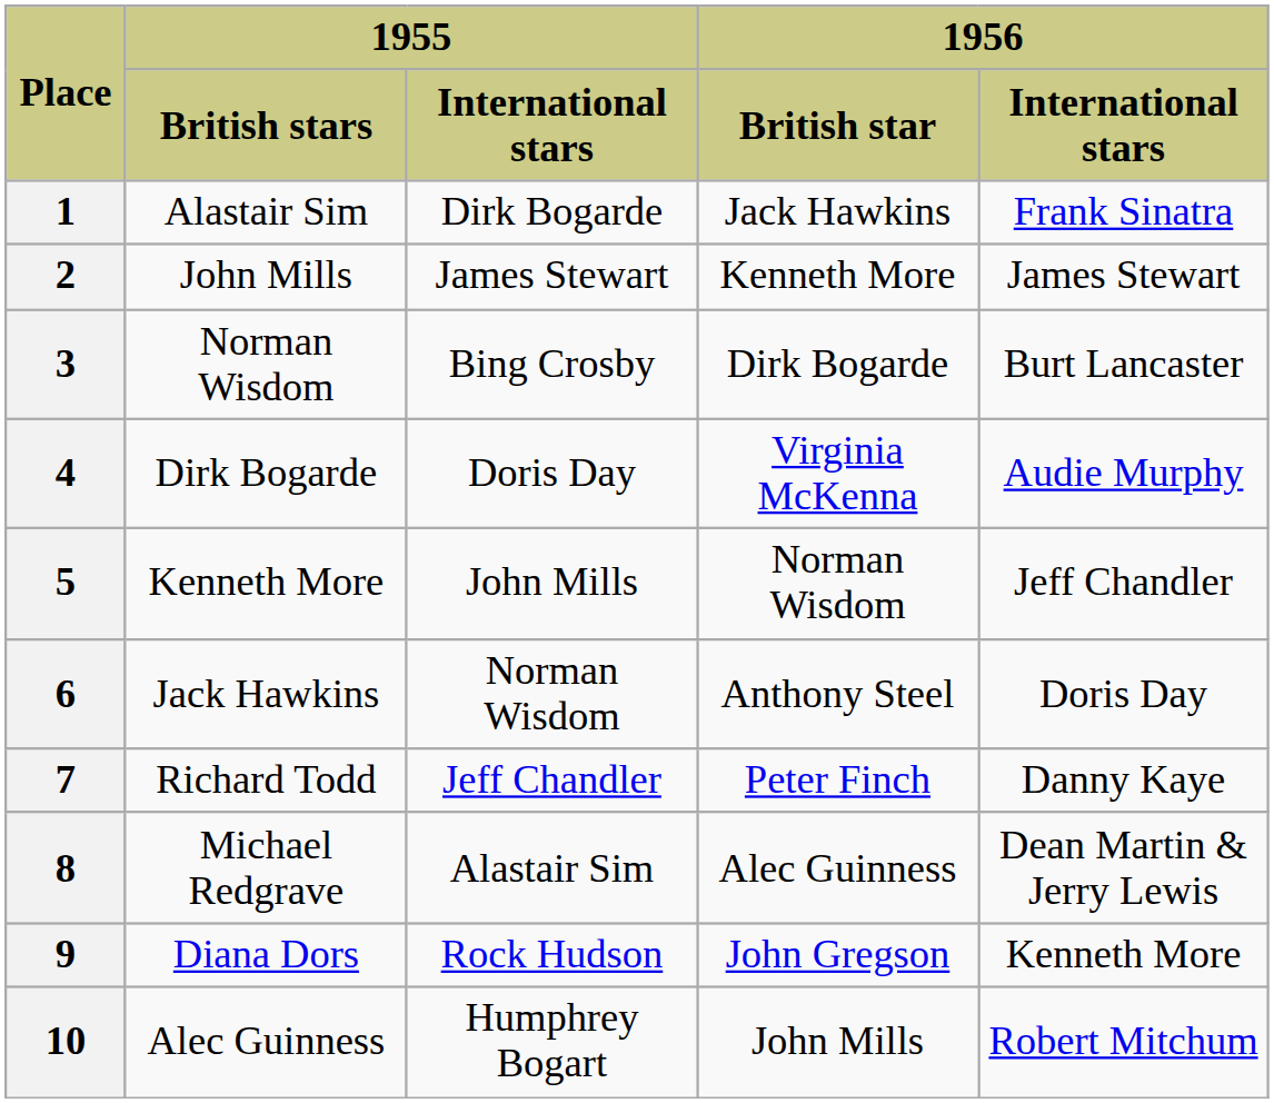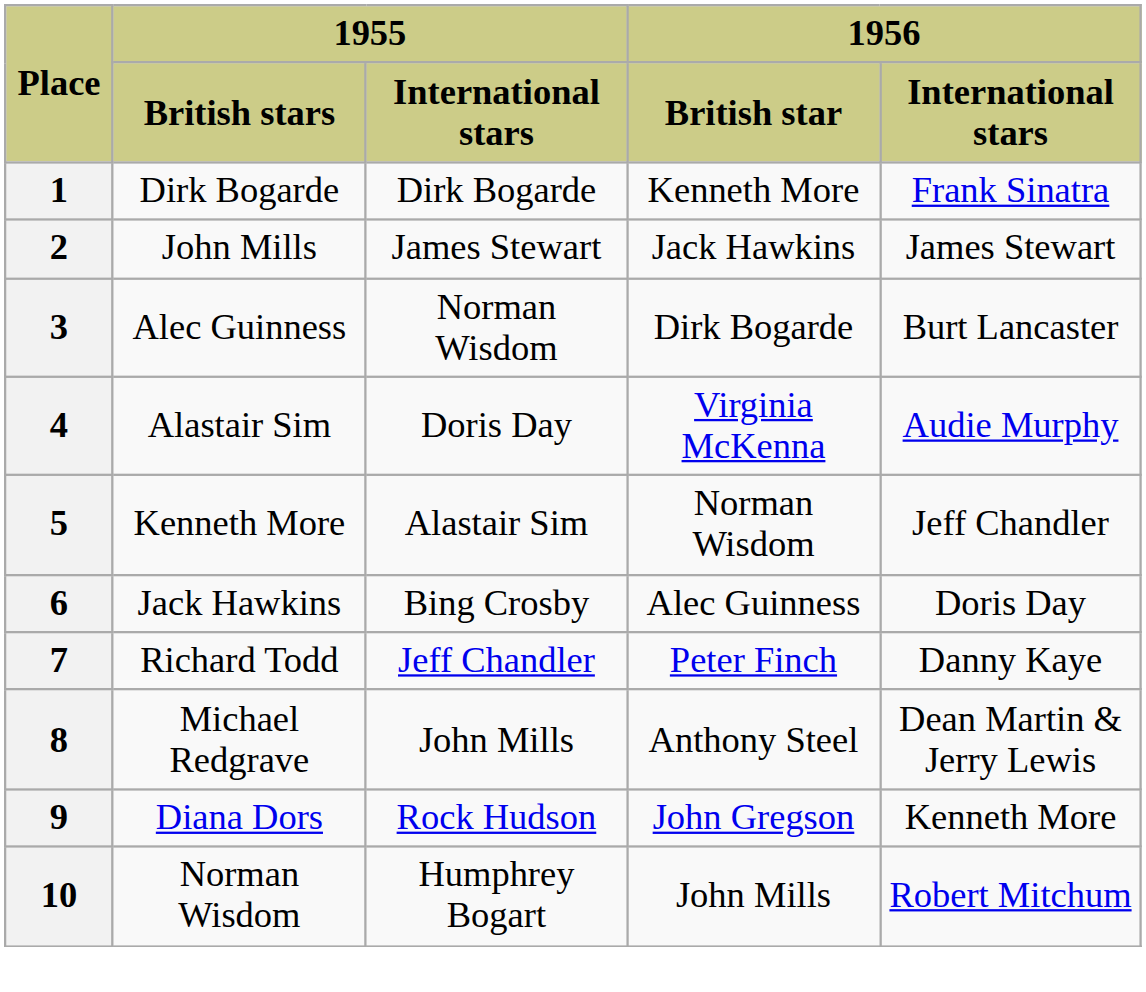 <table class="wikitable" width="80%">
 <tr>
 <th scope="col" style="background:#CC8" width="4%" rowspan="2">Place</th>
 <th style="background:#CC8" colspan="2">1955</th>
 <th style="background:#CC8" colspan="2">1956</th>
 </tr>
 <tr>
 <th style="background:#CC8" width="19%">British stars</th>
 <th style="background:#CC8" width="19%">International stars</th>
 <th style="background:#CC8" width="19%">British star</th>
 <th style="background:#CC8" width="19%">International stars</th>
 </tr>
 <tr align="center">
 <th scope="row">1</th>
-<td>Alastair Sim</td>
 <td>Dirk Bogarde</td>
-<td>Jack Hawkins</td>
+<td>Dirk Bogarde</td>
+<td>Kenneth More</td>
 <td><a href='#'>Frank Sinatra</a></td>
 </tr>
 <tr align="center">
 <th scope="row">2</th>
 <td>John Mills</td>
 <td>James Stewart</td>
-<td>Kenneth More</td>
+<td>Jack Hawkins</td>
 <td>James Stewart</td>
 </tr>
 <tr align="center">
 <th scope="row">3</th>
+<td>Alec Guinness</td>
 <td>Norman Wisdom</td>
-<td>Bing Crosby</td>
 <td>Dirk Bogarde</td>
 <td>Burt Lancaster</td>
 </tr>
 <tr align="center">
 <th scope="row">4</th>
-<td>Dirk Bogarde</td>
+<td>Alastair Sim</td>
 <td>Doris Day</td>
 <td><a href='#'>Virginia McKenna</a></td>
 <td><a href='#'>Audie Murphy</a></td>
 </tr>
 <tr align="center">
 <th scope="row">5</th>
 <td>Kenneth More</td>
-<td>John Mills</td>
+<td>Alastair Sim</td>
 <td>Norman Wisdom</td>
 <td>Jeff Chandler</td>
 </tr>
 <tr align="center">
 <th scope="row">6</th>
 <td>Jack Hawkins</td>
-<td>Norman Wisdom</td>
-<td>Anthony Steel</td>
+<td>Bing Crosby</td>
+<td>Alec Guinness</td>
 <td>Doris Day</td>
 </tr>
 <tr align="center">
 <th scope="row">7</th>
 <td>Richard Todd</td>
 <td><a href='#'>Jeff Chandler</a></td>
 <td><a href='#'>Peter Finch</a></td>
 <td>Danny Kaye</td>
 </tr>
 <tr align="center">
 <th scope="row">8</th>
 <td>Michael Redgrave</td>
-<td>Alastair Sim</td>
-<td>Alec Guinness</td>
+<td>John Mills</td>
+<td>Anthony Steel</td>
 <td>Dean Martin & Jerry Lewis</td>
 </tr>
 <tr align="center">
 <th scope="row">9</th>
 <td><a href='#'>Diana Dors</a></td>
 <td><a href='#'>Rock Hudson</a></td>
 <td><a href='#'>John Gregson</a></td>
 <td>Kenneth More</td>
 </tr>
 <tr align="center">
 <th scope="row">10</th>
-<td>Alec Guinness</td>
+<td>Norman Wisdom</td>
 <td>Humphrey Bogart</td>
 <td>John Mills</td>
 <td><a href='#'>Robert Mitchum</a></td>
 </tr>
 <tr align="center">
 </tr>
 </table>
